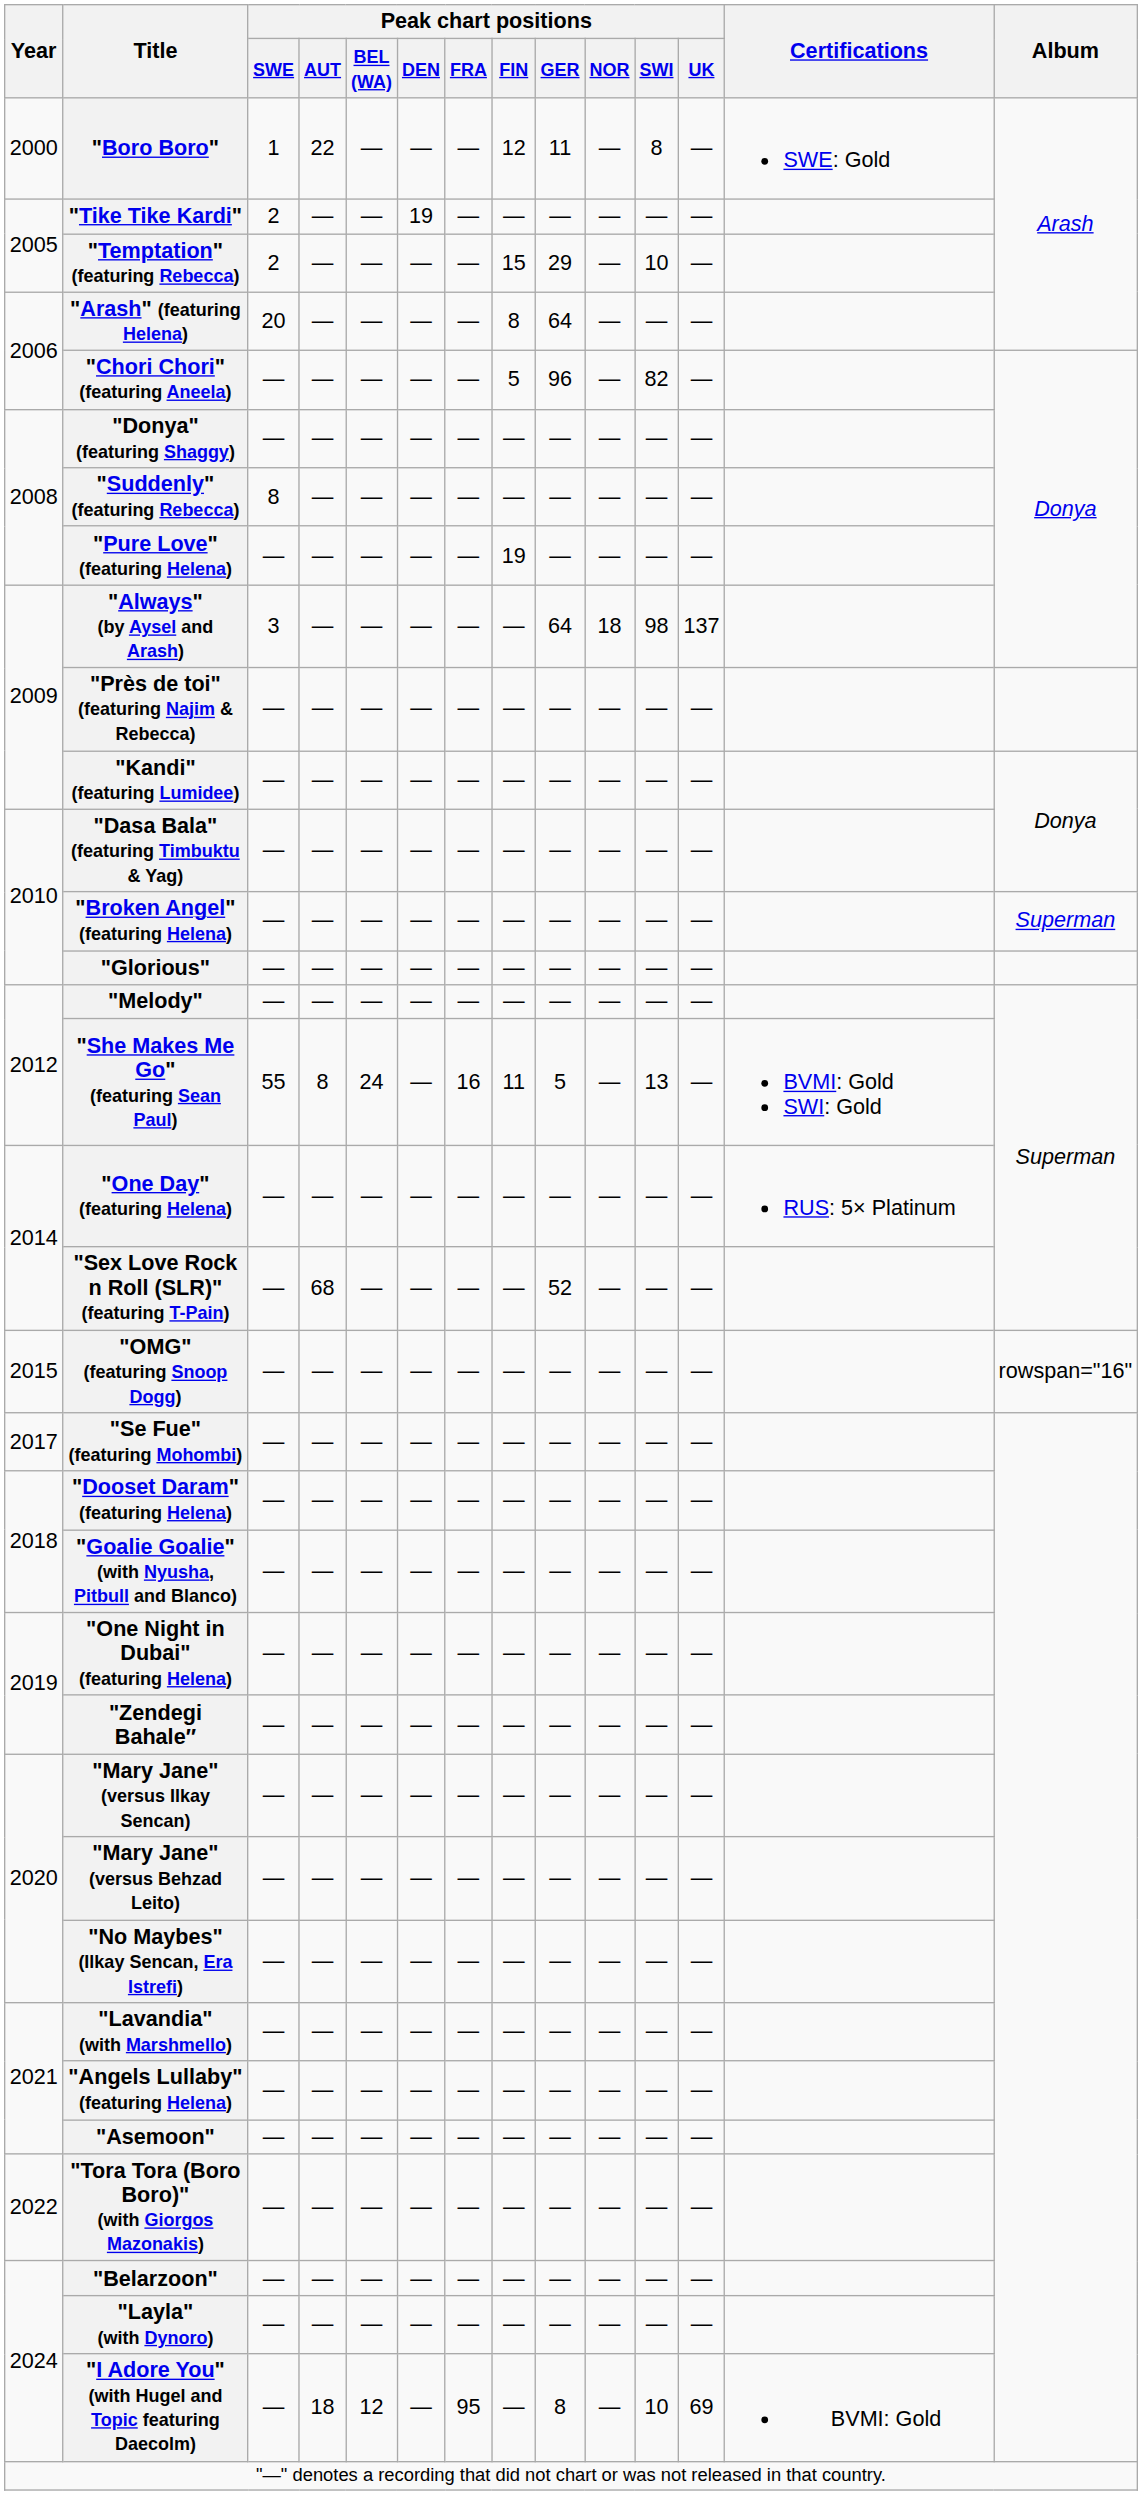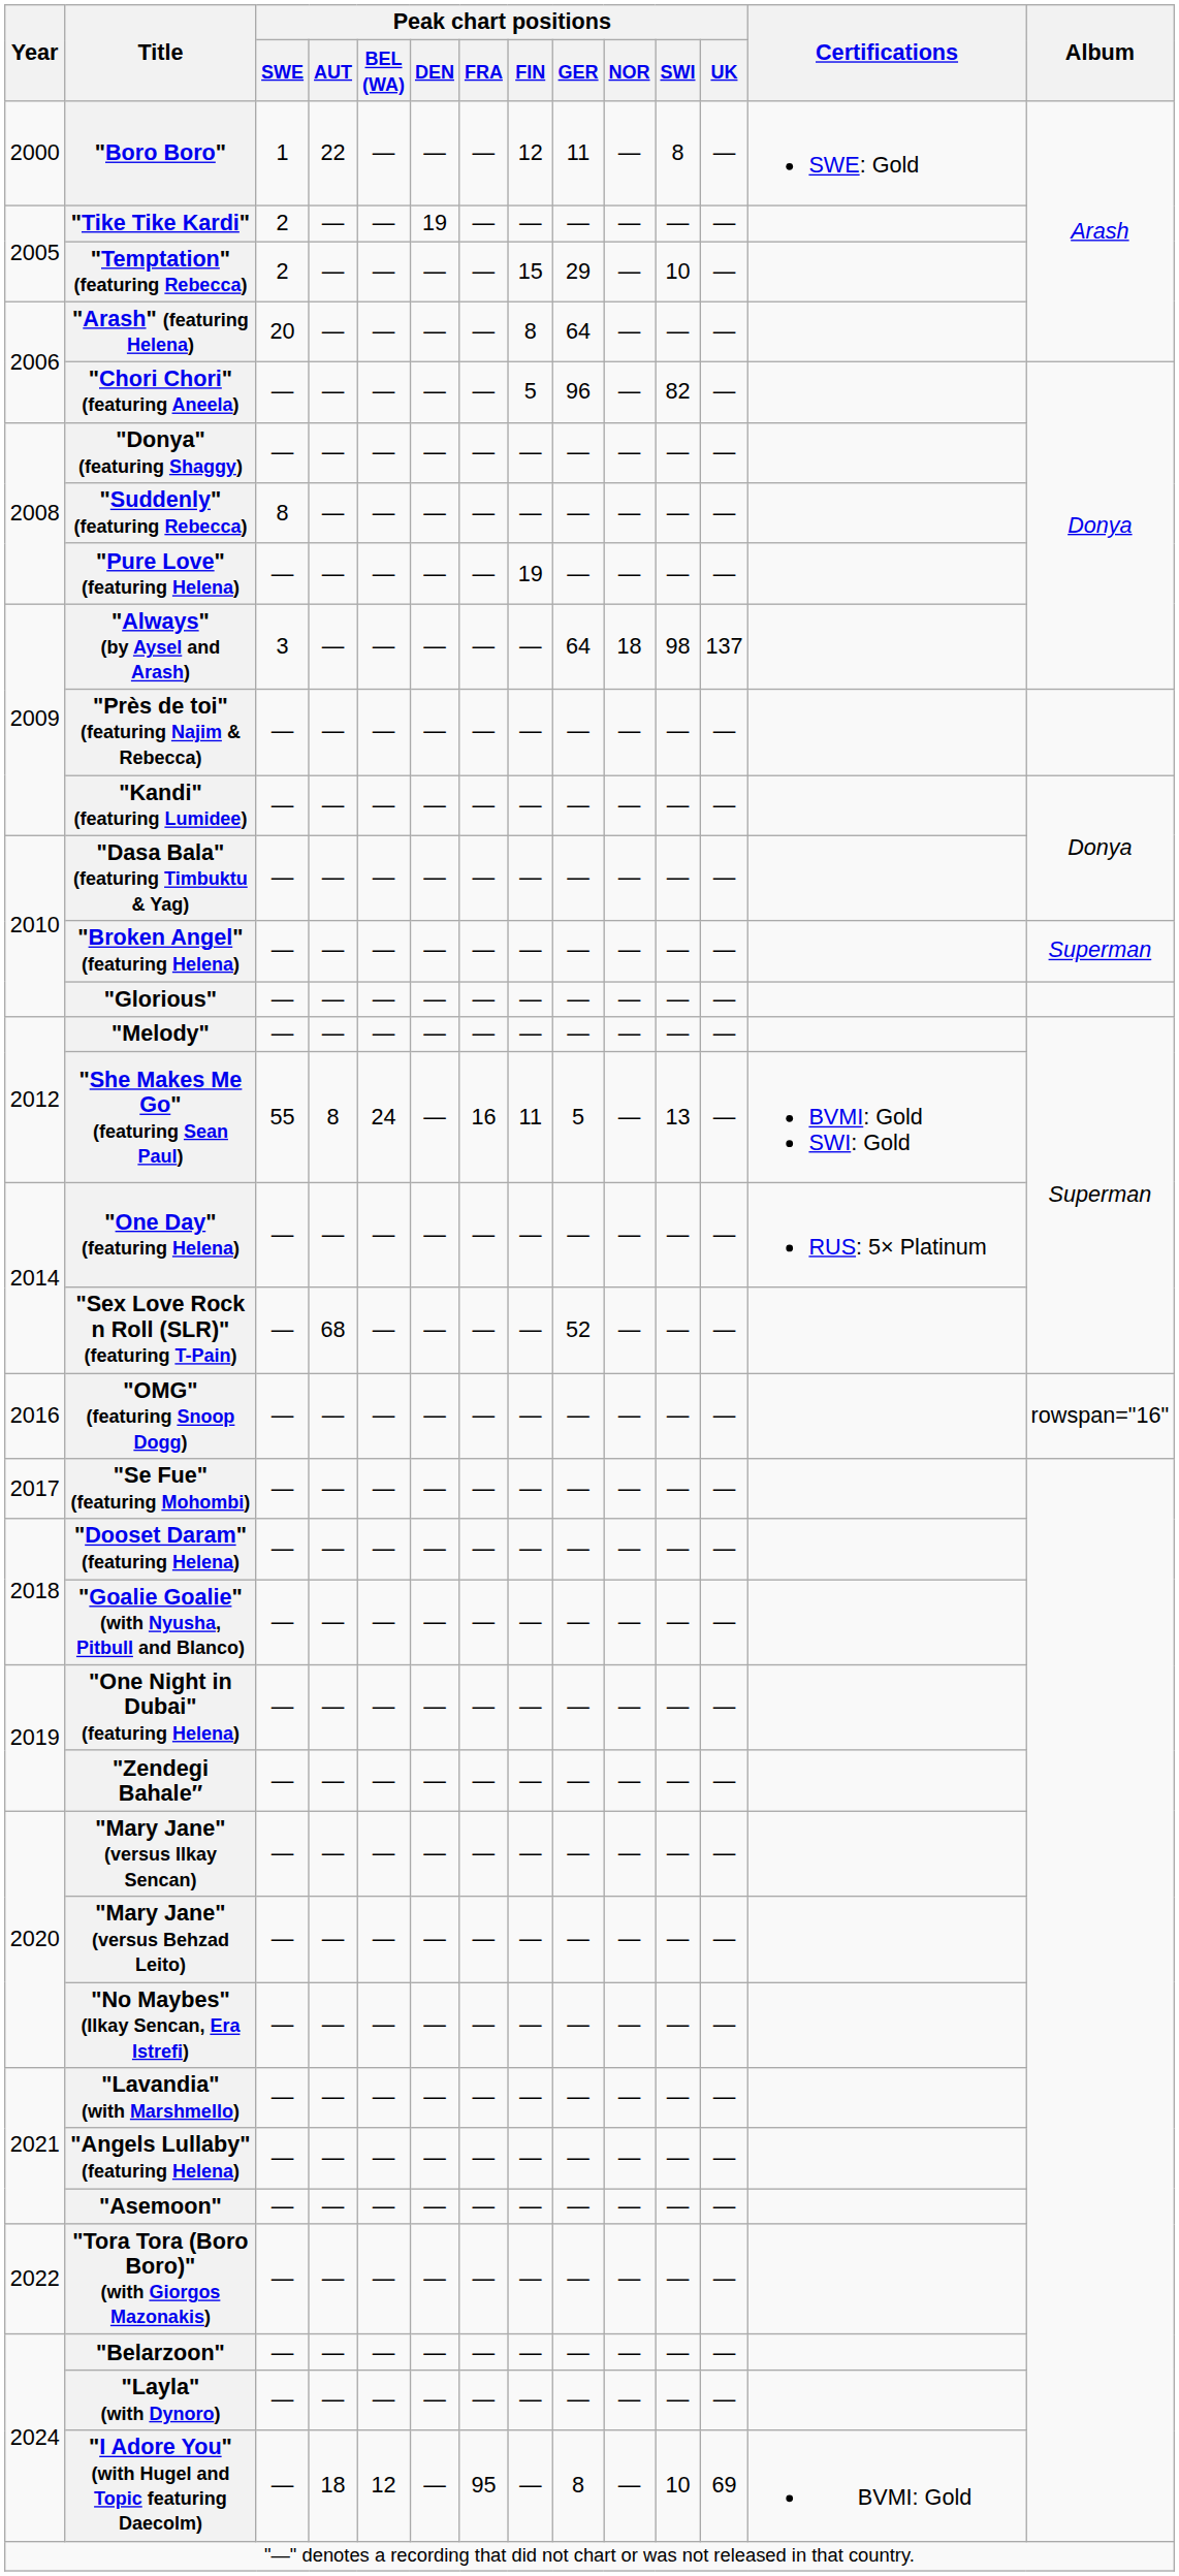 <table class="wikitable plainrowheaders" style="text-align:center;">
 <tr>
 <th scope="col" rowspan="2">Year</th>
 <th scope="col" rowspan="2" style="width:130px;">Title</th>
 <th scope="col" colspan="10">Peak chart positions</th>
 <th scope="col" scope="col" rowspan="2" style="width:12em;"><a href='#'>Certifications</a></th>
 <th scope="col" rowspan="2">Album</th>
 </tr>
 <tr>
 <th style="width:25px;"><small><a href='#'>SWE</a><br></small></th>
 <th style="width:25px;"><small><a href='#'>AUT</a><br></small></th>
 <th style="width:25px;"><small><a href='#'>BEL<br>(WA)</a><br></small></th>
 <th style="width:25px;"><small><a href='#'>DEN</a><br></small></th>
 <th style="width:25px;"><small><a href='#'>FRA</a><br></small></th>
 <th style="width:25px;"><small><a href='#'>FIN</a><br></small></th>
 <th style="width:25px;"><small><a href='#'>GER</a></small><br></th>
 <th style="width:25px;"><small><a href='#'>NOR</a><br></small></th>
 <th style="width:25px;"><small><a href='#'>SWI</a><br></small></th>
 <th style="width:25px;"><small><a href='#'>UK</a><br></small></th>
 </tr>
 <tr>
 <td>2000</td>
 <th scope="row">"<a href='#'>Boro Boro</a>"</th>
 <td style="text-align:center;">1</td>
 <td style="text-align:center;">22</td>
 <td style="text-align:center;">—</td>
 <td style="text-align:center;">—</td>
 <td style="text-align:center;">—</td>
 <td style="text-align:center;">12</td>
 <td style="text-align:center;">11</td>
 <td style="text-align:center;">—</td>
 <td style="text-align:center;">8</td>
 <td style="text-align:center;">—</td>
 <td style="text-align:left;"><br><ul><li><a href='#'>SWE</a>: Gold</li></ul></td>
 <td rowspan="4"><em><a href='#'>Arash</a></em></td>
 </tr>
 <tr>
 <td rowspan="2">2005</td>
 <th scope="row">"<a href='#'>Tike Tike Kardi</a>"</th>
 <td style="text-align:center;">2</td>
 <td style="text-align:center;">—</td>
 <td style="text-align:center;">—</td>
 <td style="text-align:center;">19</td>
 <td style="text-align:center;">—</td>
 <td style="text-align:center;">—</td>
 <td style="text-align:center;">—</td>
 <td style="text-align:center;">—</td>
 <td style="text-align:center;">—</td>
 <td style="text-align:center;">—</td>
 <td style="text-align:left;"></td>
 </tr>
 <tr>
 <th scope="row">"<a href='#'>Temptation</a>" <br><small>(featuring <a href='#'>Rebecca</a>)</small></th>
 <td style="text-align:center;">2</td>
 <td style="text-align:center;">—</td>
 <td style="text-align:center;">—</td>
 <td style="text-align:center;">—</td>
 <td style="text-align:center;">—</td>
 <td style="text-align:center;">15</td>
 <td style="text-align:center;">29</td>
 <td style="text-align:center;">—</td>
 <td>10</td>
 <td style="text-align:center;">—</td>
 <td style="text-align:left;"></td>
 </tr>
 <tr>
 <td rowspan="2">2006</td>
 <th scope="row">"<a href='#'>Arash</a>" <small>(featuring <a href='#'>Helena</a>)</small></th>
 <td style="text-align:center;">20</td>
 <td style="text-align:center;">—</td>
 <td style="text-align:center;">—</td>
 <td style="text-align:center;">—</td>
 <td style="text-align:center;">—</td>
 <td style="text-align:center;">8</td>
 <td style="text-align:center;">64</td>
 <td style="text-align:center;">—</td>
 <td style="text-align:center;">—</td>
 <td style="text-align:center;">—</td>
 <td style="text-align:left;"></td>
 </tr>
 <tr>
 <th scope="row">"<a href='#'>Chori Chori</a>" <br><small>(featuring <a href='#'>Aneela</a>)</small></th>
 <td style="text-align:center;">—</td>
 <td style="text-align:center;">—</td>
 <td style="text-align:center;">—</td>
 <td style="text-align:center;">—</td>
 <td style="text-align:center;">—</td>
 <td style="text-align:center;">5</td>
 <td style="text-align:center;">96</td>
 <td style="text-align:center;">—</td>
 <td style="text-align:center;">82</td>
 <td style="text-align:center;">—</td>
 <td align="left"></td>
 <td rowspan="5"><em><a href='#'>Donya</a></em></td>
 </tr>
 <tr>
 <td rowspan="3">2008</td>
 <th scope="row">"Donya" <br><small>(featuring <a href='#'>Shaggy</a>)</small></th>
 <td>—</td>
 <td>—</td>
 <td>—</td>
 <td>—</td>
 <td>—</td>
 <td>—</td>
 <td>—</td>
 <td>—</td>
 <td>—</td>
 <td>—</td>
 <td style="text-align:left;"></td>
 </tr>
 <tr>
 <th scope="row">"<a href='#'>Suddenly</a>" <br><small>(featuring <a href='#'>Rebecca</a>)</small></th>
 <td style="text-align:center;">8</td>
 <td style="text-align:center;">—</td>
 <td style="text-align:center;">—</td>
 <td style="text-align:center;">—</td>
 <td style="text-align:center;">—</td>
 <td style="text-align:center;">—</td>
 <td style="text-align:center;">—</td>
 <td style="text-align:center;">—</td>
 <td style="text-align:center;">—</td>
 <td style="text-align:center;">—</td>
 <td style="text-align:left;"></td>
 </tr>
 <tr>
 <th scope="row">"<a href='#'>Pure Love</a>" <br><small>(featuring <a href='#'>Helena</a>)</small></th>
 <td style="text-align:center;">—</td>
 <td style="text-align:center;">—</td>
 <td style="text-align:center;">—</td>
 <td style="text-align:center;">—</td>
 <td style="text-align:center;">—</td>
 <td style="text-align:center;">19</td>
 <td style="text-align:center;">—</td>
 <td style="text-align:center;">—</td>
 <td style="text-align:center;">—</td>
 <td style="text-align:center;">—</td>
 <td style="text-align:left;"></td>
 </tr>
 <tr>
 <td rowspan="3">2009</td>
 <th scope="row">"<a href='#'>Always</a>" <br><small>(by <a href='#'>Aysel</a> and <a href='#'>Arash</a>)</small></th>
 <td style="text-align:center;">3</td>
 <td style="text-align:center;">—</td>
 <td style="text-align:center;">—</td>
 <td style="text-align:center;">—</td>
 <td style="text-align:center;">—</td>
 <td style="text-align:center;">—</td>
 <td style="text-align:center;">64</td>
 <td style="text-align:center;">18</td>
 <td style="text-align:center;">98</td>
 <td style="text-align:center;">137</td>
 <td style="text-align:left;"></td>
 </tr>
 <tr>
 <th scope="row">"Près de toi" <br><small>(featuring <a href='#'>Najim</a> & Rebecca)</small></th>
 <td>—</td>
 <td>—</td>
 <td>—</td>
 <td>—</td>
 <td>—</td>
 <td>—</td>
 <td>—</td>
 <td>—</td>
 <td>—</td>
 <td>—</td>
 <td style="text-align:left;"></td>
 <td></td>
 </tr>
 <tr>
 <th scope="row">"Kandi" <br><small>(featuring <a href='#'>Lumidee</a>)</small></th>
 <td>—</td>
 <td>—</td>
 <td>—</td>
 <td>—</td>
 <td>—</td>
 <td>—</td>
 <td>—</td>
 <td>—</td>
 <td>—</td>
 <td>—</td>
 <td style="text-align:left;"></td>
 <td rowspan="2"><em>Donya</em></td>
 </tr>
 <tr>
 <td rowspan="3">2010</td>
 <th scope="row">"Dasa Bala" <br><small>(featuring <a href='#'>Timbuktu</a> & Yag)</small></th>
 <td>—</td>
 <td>—</td>
 <td>—</td>
 <td>—</td>
 <td>—</td>
 <td>—</td>
 <td>—</td>
 <td>—</td>
 <td>—</td>
 <td>—</td>
 <td style="text-align:left;"></td>
 </tr>
 <tr>
 <th scope="row">"<a href='#'>Broken Angel</a>" <br><small>(featuring <a href='#'>Helena</a>)</small></th>
 <td>—</td>
 <td>—</td>
 <td>—</td>
 <td>—</td>
 <td>—</td>
 <td>—</td>
 <td>—</td>
 <td>—</td>
 <td>—</td>
 <td>—</td>
 <td style="text-align:left;"></td>
 <td><em><a href='#'>Superman</a></em></td>
 </tr>
 <tr>
 <th scope="row">"Glorious"</th>
 <td>—</td>
 <td>—</td>
 <td>—</td>
 <td>—</td>
 <td>—</td>
 <td>—</td>
 <td>—</td>
 <td>—</td>
 <td>—</td>
 <td>—</td>
 <td></td>
 <td></td>
 </tr>
 <tr>
 <td rowspan="2">2012</td>
 <th scope="row">"Melody"</th>
 <td>—</td>
 <td>—</td>
 <td>—</td>
 <td>—</td>
 <td>—</td>
 <td>—</td>
 <td>—</td>
 <td>—</td>
 <td>—</td>
 <td>—</td>
 <td></td>
 <td rowspan="4"><em>Superman</em></td>
 </tr>
 <tr>
 <th scope="row">"<a href='#'>She Makes Me Go</a>" <br><small>(featuring <a href='#'>Sean Paul</a>)</small></th>
 <td style="text-align:center;">55</td>
 <td style="text-align:center;">8</td>
 <td style="text-align:center;">24</td>
 <td style="text-align:center;">—</td>
 <td style="text-align:center;">16</td>
 <td style="text-align:center;">11</td>
 <td style="text-align:center;">5</td>
 <td style="text-align:center;">—</td>
 <td style="text-align:center;">13</td>
 <td style="text-align:center;">—</td>
 <td style="text-align:left;"><br><ul><li><a href='#'>BVMI</a>: Gold</li><li><a href='#'>SWI</a>: Gold</li></ul></td>
 </tr>
 <tr>
 <td rowspan="2">2014</td>
 <th scope="row">"<a href='#'>One Day</a>" <br><small>(featuring <a href='#'>Helena</a>)</small></th>
 <td>—</td>
 <td>—</td>
 <td>—</td>
 <td>—</td>
 <td>—</td>
 <td>—</td>
 <td>—</td>
 <td>—</td>
 <td>—</td>
 <td>—</td>
 <td style="text-align:left;"><br><ul><li><a href='#'>RUS</a>: 5× Platinum</li></ul></td>
 </tr>
 <tr>
 <th scope="row">"Sex Love Rock n Roll (SLR)" <br><small>(featuring <a href='#'>T-Pain</a>)</small></th>
 <td style="text-align:center;">—</td>
 <td style="text-align:center;">68</td>
 <td style="text-align:center;">—</td>
 <td style="text-align:center;">—</td>
 <td style="text-align:center;">—</td>
 <td style="text-align:center;">—</td>
 <td style="text-align:center;">52</td>
 <td style="text-align:center;">—</td>
 <td style="text-align:center;">—</td>
 <td style="text-align:center;">—</td>
 <td style="text-align:left;"></td>
 </tr>
 <tr>
-<td>2015</td>
+<td>2016</td>
 <th scope="row">"OMG" <br><small>(featuring <a href='#'>Snoop Dogg</a>)</small></th>
 <td>—</td>
 <td>—</td>
 <td>—</td>
 <td>—</td>
 <td>—</td>
 <td>—</td>
 <td>—</td>
 <td>—</td>
 <td>—</td>
 <td>—</td>
 <td></td>
 <td>rowspan="16" </td>
 </tr>
 <tr>
 <td>2017</td>
 <th scope="row">"Se Fue" <br><small>(featuring <a href='#'>Mohombi</a>)</small></th>
 <td>—</td>
 <td>—</td>
 <td>—</td>
 <td>—</td>
 <td>—</td>
 <td>—</td>
 <td>—</td>
 <td>—</td>
 <td>—</td>
 <td>—</td>
 <td></td>
 </tr>
 <tr>
 <td rowspan=2>2018</td>
 <th scope="row">"<a href='#'>Dooset Daram</a>" <br><small>(featuring <a href='#'>Helena</a>)</small></th>
 <td>—</td>
 <td>—</td>
 <td>—</td>
 <td>—</td>
 <td>—</td>
 <td>—</td>
 <td>—</td>
 <td>—</td>
 <td>—</td>
 <td>—</td>
 <td></td>
 </tr>
 <tr>
 <th scope="row">"<a href='#'>Goalie Goalie</a>" <br><small>(with <a href='#'>Nyusha</a>, <a href='#'>Pitbull</a> and Blanco)</small></th>
 <td>—</td>
 <td>—</td>
 <td>—</td>
 <td>—</td>
 <td>—</td>
 <td>—</td>
 <td>—</td>
 <td>—</td>
 <td>—</td>
 <td>—</td>
 <td></td>
 </tr>
 <tr>
 <td rowspan=2>2019</td>
 <th scope="row">"One Night in Dubai" <br><small>(featuring <a href='#'>Helena</a>)</small></th>
 <td>—</td>
 <td>—</td>
 <td>—</td>
 <td>—</td>
 <td>—</td>
 <td>—</td>
 <td>—</td>
 <td>—</td>
 <td>—</td>
 <td>—</td>
 <td></td>
 </tr>
 <tr>
 <th scope="row">"Zendegi Bahale″</th>
 <td>—</td>
 <td>—</td>
 <td>—</td>
 <td>—</td>
 <td>—</td>
 <td>—</td>
 <td>—</td>
 <td>—</td>
 <td>—</td>
 <td>—</td>
 <td></td>
 </tr>
 <tr>
 <td rowspan=3>2020</td>
 <th scope="row">"Mary Jane" <br><small>(versus Ilkay Sencan)</small></th>
 <td>—</td>
 <td>—</td>
 <td>—</td>
 <td>—</td>
 <td>—</td>
 <td>—</td>
 <td>—</td>
 <td>—</td>
 <td>—</td>
 <td>—</td>
 <td></td>
 </tr>
 <tr>
 <th scope="row">"Mary Jane" <br><small>(versus Behzad Leito)</small></th>
 <td>—</td>
 <td>—</td>
 <td>—</td>
 <td>—</td>
 <td>—</td>
 <td>—</td>
 <td>—</td>
 <td>—</td>
 <td>—</td>
 <td>—</td>
 <td></td>
 </tr>
 <tr>
 <th scope="row">"No Maybes" <br><small>(Ilkay Sencan, <a href='#'>Era Istrefi</a>)</small></th>
 <td>—</td>
 <td>—</td>
 <td>—</td>
 <td>—</td>
 <td>—</td>
 <td>—</td>
 <td>—</td>
 <td>—</td>
 <td>—</td>
 <td>—</td>
 <td></td>
 </tr>
 <tr>
 <td rowspan=3>2021</td>
 <th scope="row">"Lavandia" <br><small>(with <a href='#'>Marshmello</a>)</small></th>
 <td>—</td>
 <td>—</td>
 <td>—</td>
 <td>—</td>
 <td>—</td>
 <td>—</td>
 <td>—</td>
 <td>—</td>
 <td>—</td>
 <td>—</td>
 <td></td>
 </tr>
 <tr>
 <th scope="row">"Angels Lullaby" <br><small>(featuring <a href='#'>Helena</a>)</small></th>
 <td>—</td>
 <td>—</td>
 <td>—</td>
 <td>—</td>
 <td>—</td>
 <td>—</td>
 <td>—</td>
 <td>—</td>
 <td>—</td>
 <td>—</td>
 <td></td>
 </tr>
 <tr>
 <th scope="row">"Asemoon"</th>
 <td>—</td>
 <td>—</td>
 <td>—</td>
 <td>—</td>
 <td>—</td>
 <td>—</td>
 <td>—</td>
 <td>—</td>
 <td>—</td>
 <td>—</td>
 <td></td>
 </tr>
 <tr>
 <td>2022</td>
 <th scope="row">"Tora Tora (Boro Boro)" <br><small>(with <a href='#'>Giorgos Mazonakis</a>)</small></th>
 <td>—</td>
 <td>—</td>
 <td>—</td>
 <td>—</td>
 <td>—</td>
 <td>—</td>
 <td>—</td>
 <td>—</td>
 <td>—</td>
 <td>—</td>
 <td></td>
 </tr>
 <tr>
 <td rowspan=3>2024</td>
 <th scope="row">"Belarzoon"</th>
 <td>—</td>
 <td>—</td>
 <td>—</td>
 <td>—</td>
 <td>—</td>
 <td>—</td>
 <td>—</td>
 <td>—</td>
 <td>—</td>
 <td>—</td>
 <td></td>
 </tr>
 <tr>
 <th scope="row">"Layla" <br><small>(with <a href='#'>Dynoro</a>)</small></th>
 <td>—</td>
 <td>—</td>
 <td>—</td>
 <td>—</td>
 <td>—</td>
 <td>—</td>
 <td>—</td>
 <td>—</td>
 <td>—</td>
 <td>—</td>
 <td></td>
 </tr>
 <tr>
 <th scope="row">"<a href='#'>I Adore You</a>" <br><small>(with Hugel and <a href='#'>Topic</a> featuring Daecolm)</small></th>
 <td>—</td>
 <td>18</td>
 <td>12</td>
 <td>—</td>
 <td>95</td>
 <td>—</td>
 <td>8</td>
 <td>—</td>
 <td>10</td>
 <td>69</td>
 <td><br><ul><li>BVMI: Gold</li></ul></td>
 </tr>
 <tr>
 <td colspan="15" align="center" style="font-size:85%">"—" denotes a recording that did not chart or was not released in that country.</td>
 </tr>
 </table>
